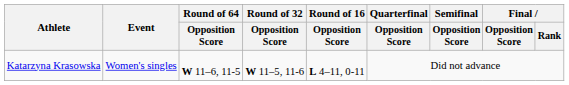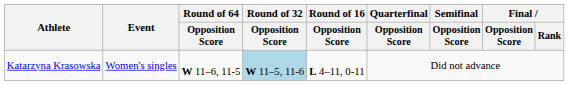 <table class=wikitable style="font-size:90%">
 <tr>
 <th rowspan="2">Athlete</th>
 <th rowspan="2">Event</th>
 <th>Round of 64</th>
 <th>Round of 32</th>
 <th>Round of 16</th>
 <th>Quarterfinal</th>
 <th>Semifinal</th>
 <th colspan=2>Final / </th>
 </tr>
 <tr style="font-size:95%">
 <th>Opposition<br>Score</th>
 <th>Opposition<br>Score</th>
 <th>Opposition<br>Score</th>
 <th>Opposition<br>Score</th>
 <th>Opposition<br>Score</th>
 <th>Opposition<br>Score</th>
 <th>Rank</th>
 </tr>
 <tr align=center>
 <td align=left><a href='#'>Katarzyna Krasowska</a></td>
 <td align=left><a href='#'>Women's singles</a></td>
 <td><br><strong>W</strong> 11–6, 11-5</td>
-<td><br><strong>W</strong> 11–5, 11-6</td>
+<td style="background: lightblue;"><br><strong>W</strong> 11–5, 11-6</td>
 <td><br><strong>L</strong> 4–11, 0-11</td>
 <td colspan=4>Did not advance</td>
 </tr>
 </table>
